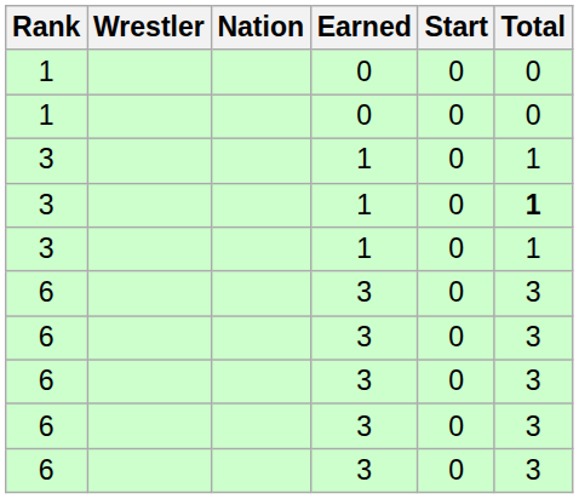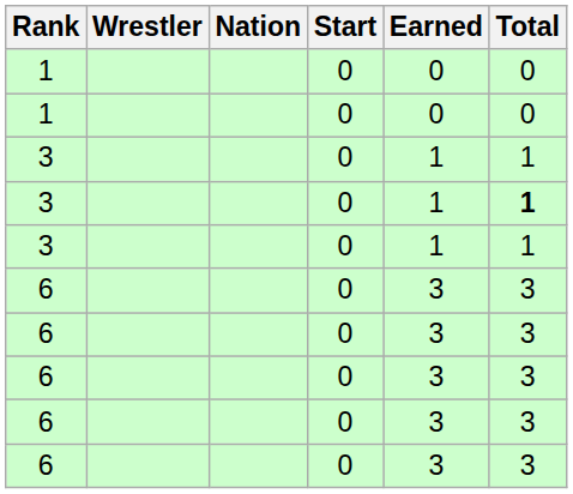 <table class="wikitable sortable" style="text-align:center;">
 <tr>
 <th>Rank</th>
 <th>Wrestler</th>
 <th>Nation</th>
+<th>Start</th>
 <th>Earned</th>
-<th>Start</th>
 <th>Total</th>
 </tr>
 <tr style="background:#cfc;">
 <td>1</td>
 <td align=left></td>
 <td align=left></td>
 <td>0</td>
 <td>0</td>
 <td>0</td>
 </tr>
 <tr style="background:#cfc;">
 <td>1</td>
 <td align=left></td>
 <td align=left></td>
 <td>0</td>
 <td>0</td>
 <td>0</td>
 </tr>
 <tr style="background:#cfc;">
 <td>3</td>
 <td align=left></td>
 <td align=left></td>
+<td>0</td>
 <td>1</td>
-<td>0</td>
 <td>1</td>
 </tr>
 <tr style="background:#cfc;">
 <td>3</td>
 <td align=left></td>
 <td align=left></td>
+<td>0</td>
 <td>1</td>
-<td>0</td>
 <td><strong>1</strong></td>
 </tr>
 <tr style="background:#cfc;">
 <td>3</td>
 <td align=left></td>
 <td align=left></td>
+<td>0</td>
 <td>1</td>
-<td>0</td>
 <td>1</td>
 </tr>
 <tr style="background:#cfc;">
 <td>6</td>
 <td align=left></td>
 <td align=left></td>
+<td>0</td>
 <td>3</td>
-<td>0</td>
 <td>3</td>
 </tr>
 <tr style="background:#cfc;">
 <td>6</td>
 <td align=left></td>
 <td align=left></td>
+<td>0</td>
 <td>3</td>
-<td>0</td>
 <td>3</td>
 </tr>
 <tr style="background:#cfc;">
 <td>6</td>
 <td align=left></td>
 <td align=left></td>
+<td>0</td>
 <td>3</td>
-<td>0</td>
 <td>3</td>
 </tr>
 <tr style="background:#cfc;">
 <td>6</td>
 <td align=left></td>
 <td align=left></td>
+<td>0</td>
 <td>3</td>
-<td>0</td>
 <td>3</td>
 </tr>
 <tr style="background:#cfc;">
 <td>6</td>
 <td align=left></td>
 <td align=left></td>
+<td>0</td>
 <td>3</td>
-<td>0</td>
 <td>3</td>
 </tr>
 </table>
